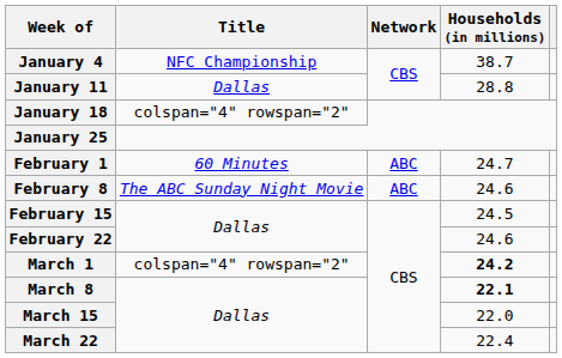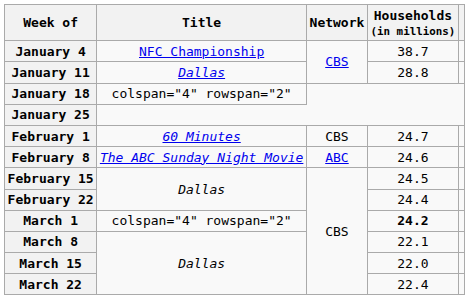 <table class="wikitable plainrowheaders" style="text-align: center; display: inline-table;">
 <tr>
 <th>Week of</th>
 <th>Title</th>
 <th>Network</th>
 <th>Households<br><small>(in millions)</small></th>
 <th></th>
 </tr>
 <tr>
 <th scope="row">January 4</th>
 <td><a href='#'>NFC Championship</a></td>
 <td rowspan="2"><a href='#'>CBS</a></td>
 <td>38.7</td>
 <td></td>
 </tr>
 <tr>
 <th scope="row">January 11</th>
 <td><em><a href='#'>Dallas</a></em></td>
 <td>28.8</td>
 <td></td>
 </tr>
 <tr>
 <th scope="row">January 18</th>
 <td>colspan="4" rowspan="2" </td>
 </tr>
 <tr>
 <th scope="row">January 25</th>
 </tr>
 <tr>
 <th scope="row">February 1</th>
 <td><em><a href='#'>60 Minutes</a></em></td>
-<td><a href='#'>ABC</a></td>
+<td>CBS</td>
 <td>24.7</td>
 <td></td>
 </tr>
 <tr>
 <th scope="row">February 8</th>
 <td><em><a href='#'>The ABC Sunday Night Movie</a></em></td>
 <td><a href='#'>ABC</a></td>
 <td>24.6</td>
 <td></td>
 </tr>
 <tr>
 <th scope="row">February 15</th>
 <td rowspan="2"><em>Dallas</em></td>
 <td rowspan="6">CBS</td>
 <td>24.5</td>
 <td></td>
 </tr>
 <tr>
 <th scope="row">February 22</th>
-<td>24.6</td>
+<td>24.4</td>
 <td></td>
 </tr>
 <tr>
 <th scope="row">March 1</th>
 <td>colspan="4" rowspan="2" </td>
 <td><strong>24.2</strong></td>
 <td></td>
 </tr>
 <tr>
 <th scope="row">March 8</th>
 <td rowspan="3"><em>Dallas</em></td>
-<td><strong>22.1</strong></td>
+<td>22.1</td>
 <td></td>
 </tr>
 <tr>
 <th scope="row">March 15</th>
 <td>22.0</td>
 <td></td>
 </tr>
 <tr>
 <th scope="row">March 22</th>
 <td>22.4</td>
 <td></td>
 </tr>
 <tr>
 </tr>
 </table>
